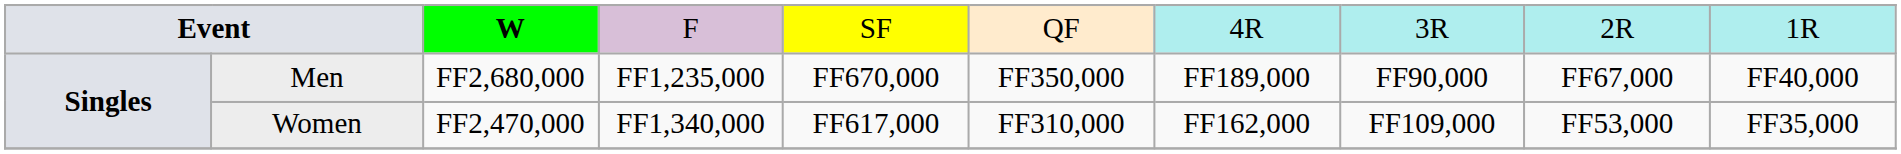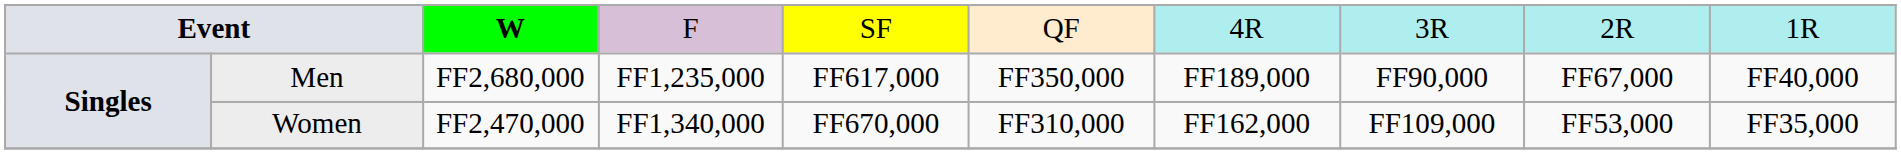 <table class=wikitable style=font-size:90%;text-align:center>
 <tr>
 <td width=200 colspan=2 bgcolor=#dfe2e9><strong>Event</strong></td>
 <td width=80 bgcolor=lime><strong>W</strong></td>
 <td width=85 bgcolor=#D8BFD8>F</td>
 <td width=85 bgcolor=#FFFF00>SF</td>
 <td width=85 bgcolor=#ffebcd>QF</td>
 <td width=85 bgcolor=#afeeee>4R</td>
 <td width=85 bgcolor=#afeeee>3R</td>
 <td width=85 bgcolor=#afeeee>2R</td>
 <td width=85 bgcolor=#afeeee>1R</td>
 </tr>
 <tr>
 <td rowspan=2 bgcolor=#dfe2e9><strong>Singles</strong> </td>
 <td bgcolor=#EDEDED>Men</td>
 <td>FF2,680,000</td>
 <td>FF1,235,000</td>
-<td>FF670,000</td>
+<td>FF617,000</td>
 <td>FF350,000</td>
 <td>FF189,000</td>
 <td>FF90,000</td>
 <td>FF67,000</td>
 <td>FF40,000</td>
 </tr>
 <tr>
 <td bgcolor=#EDEDED>Women</td>
 <td>FF2,470,000</td>
 <td>FF1,340,000</td>
-<td>FF617,000</td>
+<td>FF670,000</td>
 <td>FF310,000</td>
 <td>FF162,000</td>
 <td>FF109,000</td>
 <td>FF53,000</td>
 <td>FF35,000</td>
 </tr>
 <tr>
 </tr>
 </table>
